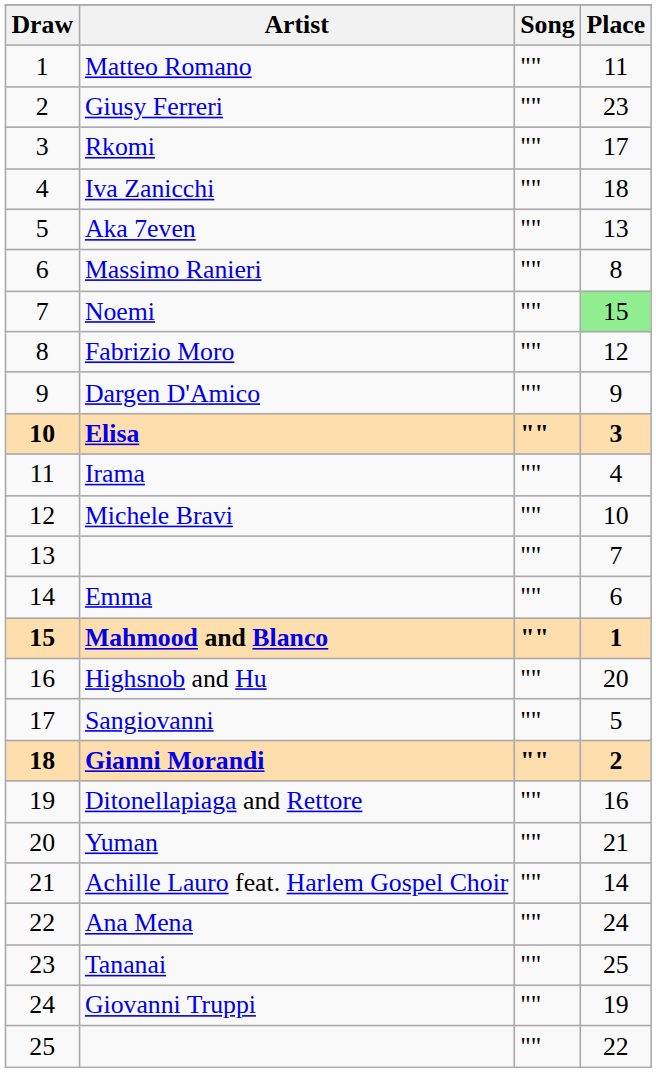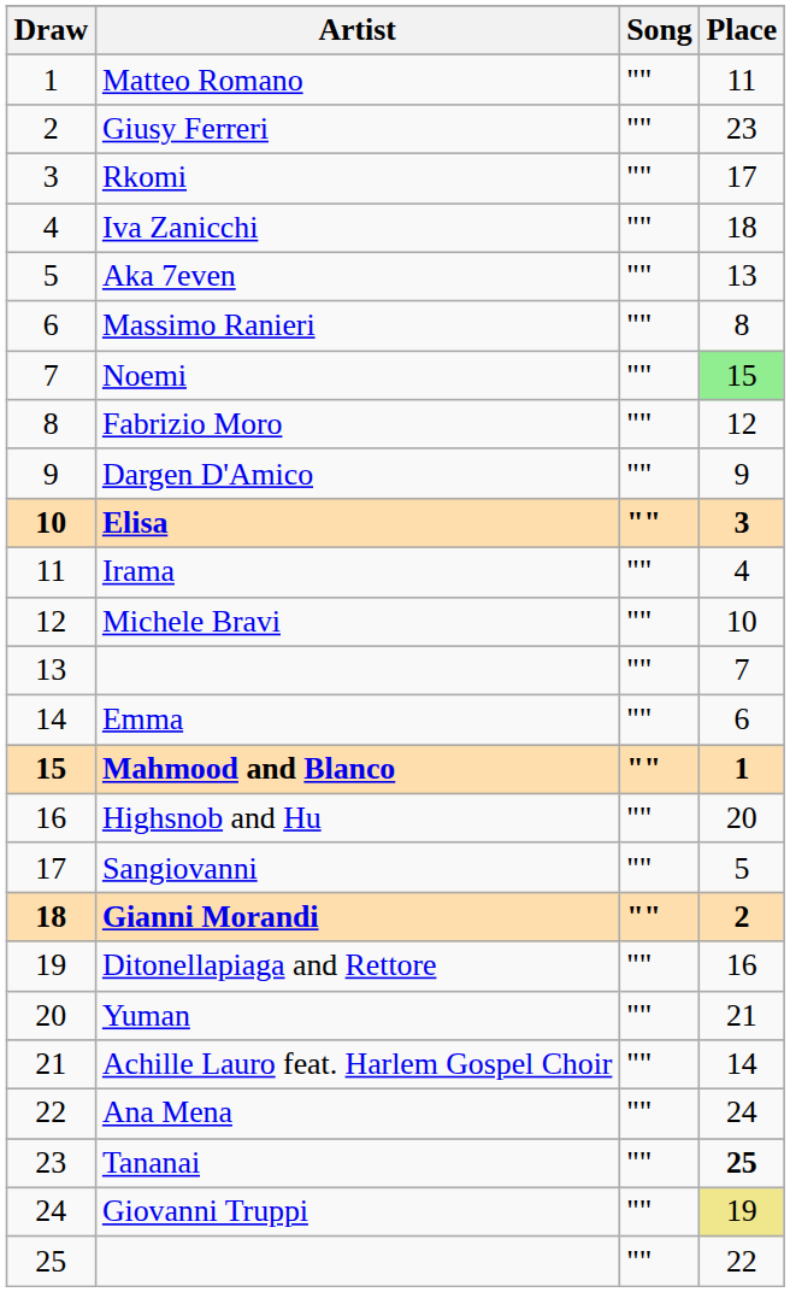 <table class="sortable wikitable" style="margin: 1em auto 1em auto; text-align:center">
 <tr>
 </tr>
 <tr>
 <th>Draw</th>
 <th>Artist</th>
 <th>Song</th>
 <th>Place</th>
 </tr>
 <tr>
 <td>1</td>
 <td align="left"><a href='#'>Matteo Romano</a></td>
 <td align="left">""</td>
 <td>11</td>
 </tr>
 <tr>
 <td>2</td>
 <td align="left"><a href='#'>Giusy Ferreri</a></td>
 <td align="left">""</td>
 <td>23</td>
 </tr>
 <tr>
 <td>3</td>
 <td align="left"><a href='#'>Rkomi</a></td>
 <td align="left">""</td>
 <td>17</td>
 </tr>
 <tr>
 <td>4</td>
 <td align="left"><a href='#'>Iva Zanicchi</a></td>
 <td align="left">""</td>
 <td>18</td>
 </tr>
 <tr>
 <td>5</td>
 <td align="left"><a href='#'>Aka 7even</a></td>
 <td align="left">""</td>
 <td>13</td>
 </tr>
 <tr>
 <td>6</td>
 <td align="left"><a href='#'>Massimo Ranieri</a></td>
 <td align="left">""</td>
 <td>8</td>
 </tr>
 <tr>
 <td>7</td>
 <td align="left"><a href='#'>Noemi</a></td>
 <td align="left">""</td>
 <td style="background: lightgreen;">15</td>
 </tr>
 <tr>
 <td>8</td>
 <td align="left"><a href='#'>Fabrizio Moro</a></td>
 <td align="left">""</td>
 <td>12</td>
 </tr>
 <tr>
 <td>9</td>
 <td align="left"><a href='#'>Dargen D'Amico</a></td>
 <td align="left">""</td>
 <td>9</td>
 </tr>
 <tr style="font-weight:bold; background:navajowhite;">
 <td>10</td>
 <td align="left"><a href='#'>Elisa</a></td>
 <td align="left">""</td>
 <td>3</td>
 </tr>
 <tr>
 <td>11</td>
 <td align="left"><a href='#'>Irama</a></td>
 <td align="left">""</td>
 <td>4</td>
 </tr>
 <tr>
 <td>12</td>
 <td align="left"><a href='#'>Michele Bravi</a></td>
 <td align="left">""</td>
 <td>10</td>
 </tr>
 <tr>
 <td>13</td>
 <td align="left"></td>
 <td align="left">""</td>
 <td>7</td>
 </tr>
 <tr>
 <td>14</td>
 <td align="left"><a href='#'>Emma</a></td>
 <td align="left">""</td>
 <td>6</td>
 </tr>
 <tr style="font-weight:bold; background:navajowhite;">
 <td>15</td>
 <td align="left"><a href='#'>Mahmood</a> and <a href='#'>Blanco</a></td>
 <td align="left">""</td>
 <td>1</td>
 </tr>
 <tr>
 <td>16</td>
 <td align="left"><a href='#'>Highsnob</a> and <a href='#'>Hu</a></td>
 <td align="left">""</td>
 <td>20</td>
 </tr>
 <tr>
 <td>17</td>
 <td align="left"><a href='#'>Sangiovanni</a></td>
 <td align="left">""</td>
 <td>5</td>
 </tr>
 <tr style="font-weight:bold; background:navajowhite;">
 <td>18</td>
 <td align="left"><a href='#'>Gianni Morandi</a></td>
 <td align="left">""</td>
 <td>2</td>
 </tr>
 <tr>
 <td>19</td>
 <td align="left"><a href='#'>Ditonellapiaga</a> and <a href='#'>Rettore</a></td>
 <td align="left">""</td>
 <td>16</td>
 </tr>
 <tr>
 <td>20</td>
 <td align="left"><a href='#'>Yuman</a></td>
 <td align="left">""</td>
 <td>21</td>
 </tr>
 <tr>
 <td>21</td>
 <td align="left"><a href='#'>Achille Lauro</a> feat. <a href='#'>Harlem Gospel Choir</a></td>
 <td align="left">""</td>
 <td>14</td>
 </tr>
 <tr>
 <td>22</td>
 <td align="left"><a href='#'>Ana Mena</a></td>
 <td align="left">""</td>
 <td>24</td>
 </tr>
 <tr>
 <td>23</td>
 <td align="left"><a href='#'>Tananai</a></td>
 <td align="left">""</td>
-<td>25</td>
+<td><strong>25</strong></td>
 </tr>
 <tr>
 <td>24</td>
 <td align="left"><a href='#'>Giovanni Truppi</a></td>
 <td align="left">""</td>
-<td>19</td>
+<td style="background: khaki;">19</td>
 </tr>
 <tr>
 <td>25</td>
 <td align="left"></td>
 <td align="left">""</td>
 <td>22</td>
 </tr>
 </table>
